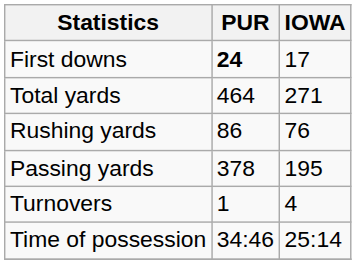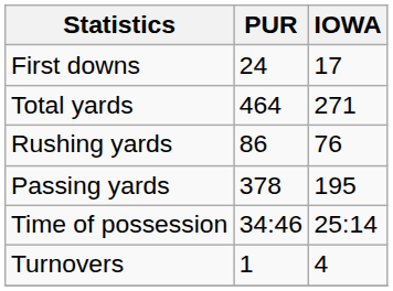 <table class="wikitable">
 <tr>
 <th>Statistics</th>
 <th>PUR</th>
 <th>IOWA</th>
 </tr>
 <tr>
 <td>First downs</td>
-<td><strong>24</strong></td>
+<td>24</td>
 <td>17</td>
 </tr>
 <tr>
 <td>Total yards</td>
 <td>464</td>
 <td>271</td>
 </tr>
 <tr>
 <td>Rushing yards</td>
 <td>86</td>
 <td>76</td>
 </tr>
 <tr>
 <td>Passing yards</td>
 <td>378</td>
 <td>195</td>
 </tr>
 <tr>
+<td>Time of possession</td>
+<td>34:46</td>
+<td>25:14</td>
+</tr>
+<tr>
 <td>Turnovers</td>
 <td>1</td>
 <td>4</td>
 </tr>
 <tr>
-<td>Time of possession</td>
-<td>34:46</td>
-<td>25:14</td>
-</tr>
-<tr>
 </tr>
 </table>
